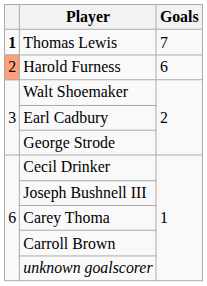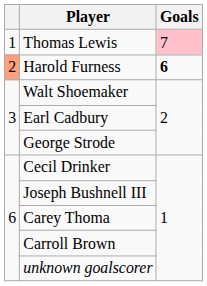 <table class="wikitable">
 <tr>
 <th></th>
 <th>Player</th>
 <th>Goals</th>
 </tr>
 <tr>
-<td><strong>1</strong></td>
+<td>1</td>
 <td>Thomas Lewis</td>
-<td>7</td>
+<td style="background: pink;">7</td>
 </tr>
 <tr>
 <td style="background: lightsalmon;">2</td>
 <td>Harold Furness</td>
-<td>6</td>
+<td><strong>6</strong></td>
 </tr>
 <tr>
 <td rowspan="3">3</td>
 <td>Walt Shoemaker</td>
 <td rowspan="3">2</td>
 </tr>
 <tr>
 <td>Earl Cadbury</td>
 </tr>
 <tr>
 <td>George Strode</td>
 </tr>
 <tr>
 <td rowspan="5">6</td>
 <td>Cecil Drinker</td>
 <td rowspan="5">1</td>
 </tr>
 <tr>
 <td>Joseph Bushnell III</td>
 </tr>
 <tr>
 <td>Carey Thoma</td>
 </tr>
 <tr>
 <td>Carroll Brown</td>
 </tr>
 <tr>
 <td><em>unknown goalscorer</em></td>
 </tr>
 </table>
